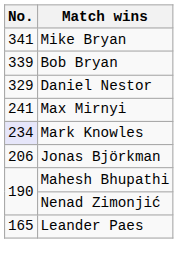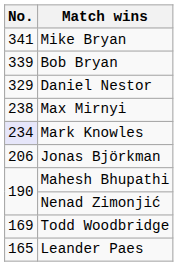 <table class="wikitable nowrap" style="text-align:center; display:inline-table">
 <tr>
 <th scope="col" style="width:20">No.</th>
 <th scope="col">Match wins</th>
 </tr>
 <tr>
 <td>341</td>
 <td style="text-align: left;"> Mike Bryan</td>
 </tr>
 <tr>
 <td>339</td>
 <td style="text-align: left;"> Bob Bryan</td>
 </tr>
 <tr>
 <td>329</td>
 <td style="text-align: left;"> Daniel Nestor</td>
 </tr>
 <tr>
-<td>241</td>
+<td>238</td>
 <td style="text-align: left;"> Max Mirnyi</td>
 </tr>
 <tr>
 <td style="background: lavender;">234</td>
 <td style="text-align: left;"> Mark Knowles</td>
 </tr>
 <tr>
 <td>206</td>
 <td style="text-align: left;"> Jonas Björkman</td>
 </tr>
 <tr>
 <td rowspan="2">190</td>
 <td style="text-align: left;"> Mahesh Bhupathi</td>
 </tr>
 <tr>
 <td style="text-align: left;"> Nenad Zimonjić</td>
 </tr>
 <tr>
+<td>169</td>
+<td style="text-align: left;"> Todd Woodbridge</td>
+</tr>
+<tr>
 <td>165</td>
 <td style="text-align: left;"> Leander Paes</td>
 </tr>
 </table>
